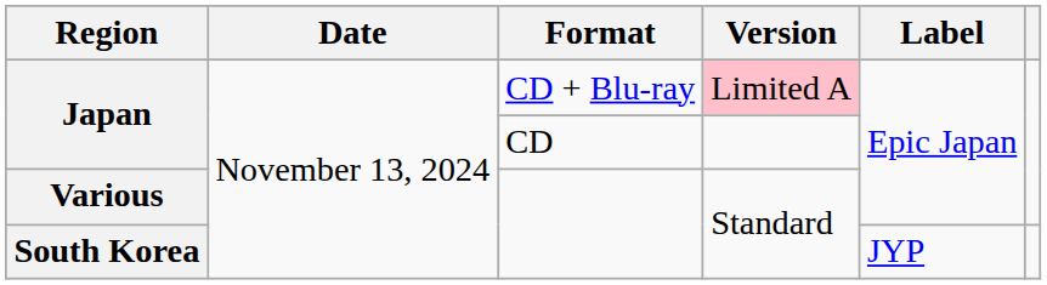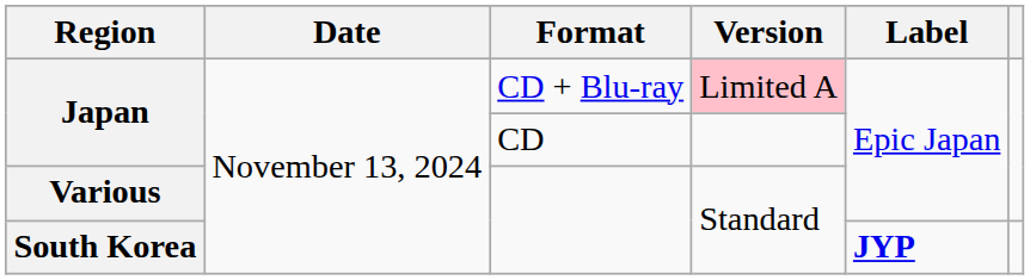 <table class="wikitable plainrowheaders">
 <tr>
 <th scope="col">Region</th>
 <th scope="col">Date</th>
 <th scope="col">Format</th>
 <th scope="col">Version</th>
 <th scope="col">Label</th>
 <th scope="col"></th>
 </tr>
 <tr>
 <th scope="row" rowspan="2">Japan</th>
 <td rowspan="4">November 13, 2024</td>
 <td><a href='#'>CD</a> + <a href='#'>Blu-ray</a></td>
 <td style="background: pink;">Limited A</td>
 <td rowspan="3"><a href='#'>Epic Japan</a></td>
 <td style="text-align:center" rowspan="3"></td>
 </tr>
 <tr>
 <td>CD</td>
 <td></td>
 </tr>
 <tr>
 <th scope="row">Various</th>
 <td rowspan="2"></td>
 <td rowspan="2">Standard</td>
 </tr>
 <tr>
 <th scope="row">South Korea</th>
-<td><a href='#'>JYP</a></td>
+<td><strong><a href='#'>JYP</a></strong></td>
 <td style="text-align:center"></td>
 </tr>
 </table>
